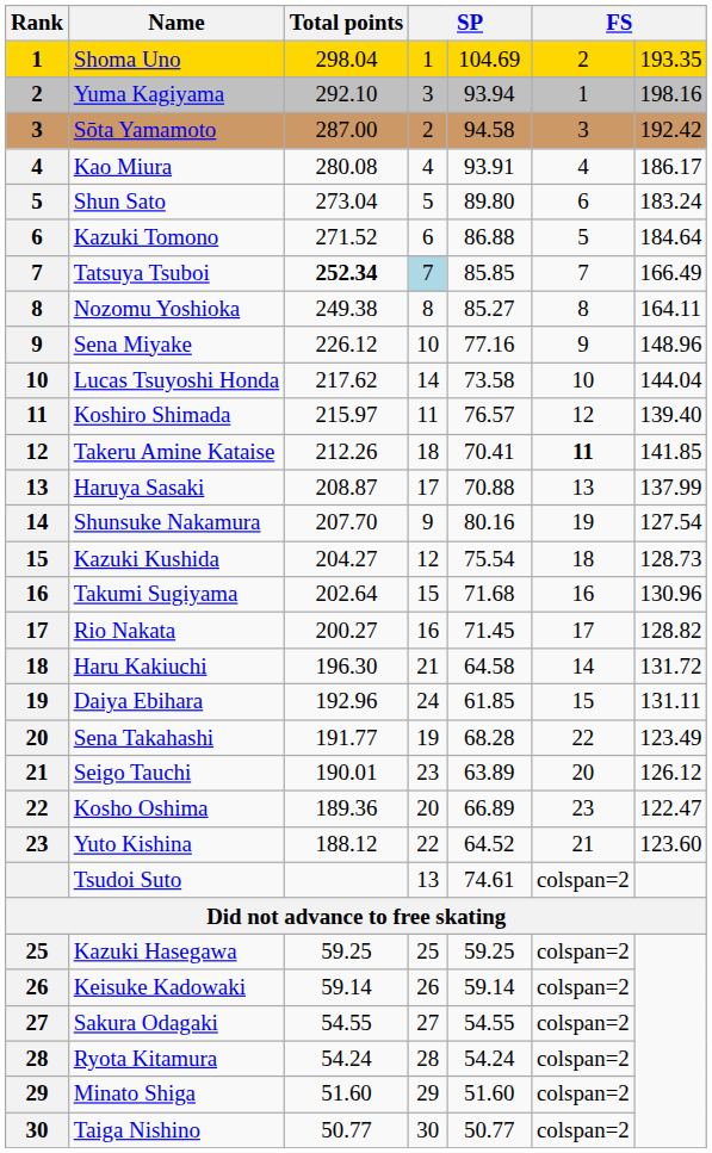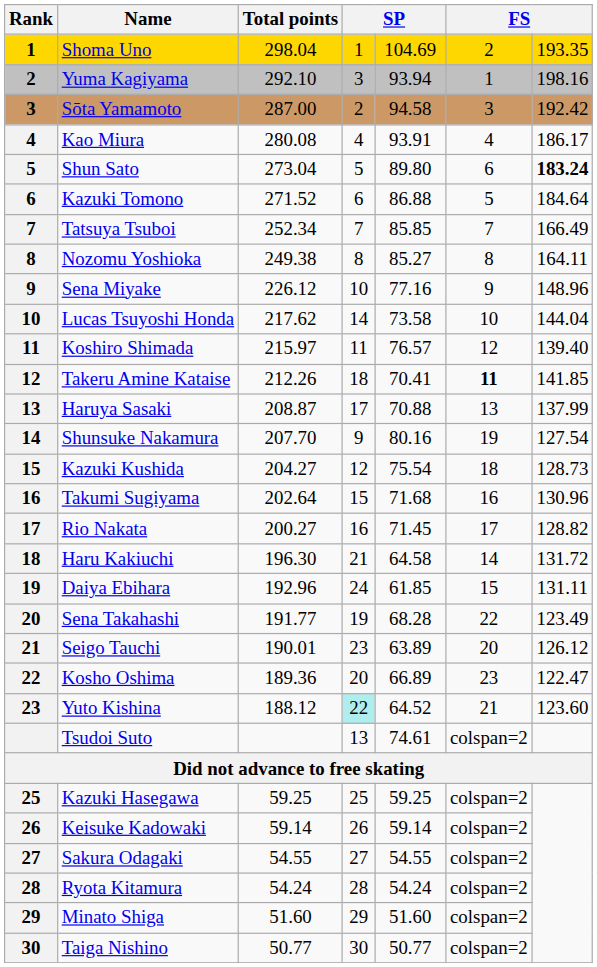 <table class="wikitable sortable">
 <tr>
 <th>Rank</th>
 <th>Name</th>
 <th>Total points</th>
 <th colspan="2" width="80px"><a href='#'>SP</a></th>
 <th colspan="2" width="80px"><a href='#'>FS</a></th>
 </tr>
 <tr bgcolor="gold">
 <td align="center"><strong>1</strong></td>
 <td><a href='#'>Shoma Uno</a></td>
 <td align="center">298.04</td>
 <td align="center">1</td>
 <td align="center">104.69</td>
 <td align="center">2</td>
 <td align="center">193.35</td>
 </tr>
 <tr bgcolor="silver">
 <td align="center"><strong>2</strong></td>
 <td><a href='#'>Yuma Kagiyama</a></td>
 <td align="center">292.10</td>
 <td align="center">3</td>
 <td align="center">93.94</td>
 <td align="center">1</td>
 <td align="center">198.16</td>
 </tr>
 <tr bgcolor="cc9966">
 <td align="center"><strong>3</strong></td>
 <td><a href='#'>Sōta Yamamoto</a></td>
 <td align="center">287.00</td>
 <td align="center">2</td>
 <td align="center">94.58</td>
 <td align="center">3</td>
 <td align="center">192.42</td>
 </tr>
 <tr>
 <th>4</th>
 <td><a href='#'>Kao Miura</a></td>
 <td align="center">280.08</td>
 <td align="center">4</td>
 <td align="center">93.91</td>
 <td align="center">4</td>
 <td align="center">186.17</td>
 </tr>
 <tr>
 <th>5</th>
 <td><a href='#'>Shun Sato</a></td>
 <td align="center">273.04</td>
 <td align="center">5</td>
 <td align="center">89.80</td>
 <td align="center">6</td>
-<td align="center">183.24</td>
+<td align="center"><strong>183.24</strong></td>
 </tr>
 <tr>
 <th>6</th>
 <td><a href='#'>Kazuki Tomono</a></td>
 <td align="center">271.52</td>
 <td align="center">6</td>
 <td align="center">86.88</td>
 <td align="center">5</td>
 <td align="center">184.64</td>
 </tr>
 <tr>
 <th>7</th>
 <td><a href='#'>Tatsuya Tsuboi</a></td>
-<td align="center"><strong>252.34</strong></td>
-<td align="center" style="background: lightblue;">7</td>
+<td align="center">252.34</td>
+<td align="center">7</td>
 <td align="center">85.85</td>
 <td align="center">7</td>
 <td align="center">166.49</td>
 </tr>
 <tr>
 <th>8</th>
 <td><a href='#'>Nozomu Yoshioka</a></td>
 <td align="center">249.38</td>
 <td align="center">8</td>
 <td align="center">85.27</td>
 <td align="center">8</td>
 <td align="center">164.11</td>
 </tr>
 <tr>
 <th>9</th>
 <td><a href='#'>Sena Miyake</a></td>
 <td align="center">226.12</td>
 <td align="center">10</td>
 <td align="center">77.16</td>
 <td align="center">9</td>
 <td align="center">148.96</td>
 </tr>
 <tr>
 <th>10</th>
 <td><a href='#'>Lucas Tsuyoshi Honda</a></td>
 <td align="center">217.62</td>
 <td align="center">14</td>
 <td align="center">73.58</td>
 <td align="center">10</td>
 <td align="center">144.04</td>
 </tr>
 <tr>
 <th>11</th>
 <td><a href='#'>Koshiro Shimada</a></td>
 <td align="center">215.97</td>
 <td align="center">11</td>
 <td align="center">76.57</td>
 <td align="center">12</td>
 <td align="center">139.40</td>
 </tr>
 <tr>
 <th>12</th>
 <td><a href='#'>Takeru Amine Kataise</a></td>
 <td align="center">212.26</td>
 <td align="center">18</td>
 <td align="center">70.41</td>
 <td align="center"><strong>11</strong></td>
 <td align="center">141.85</td>
 </tr>
 <tr>
 <th>13</th>
 <td><a href='#'>Haruya Sasaki</a></td>
 <td align="center">208.87</td>
 <td align="center">17</td>
 <td align="center">70.88</td>
 <td align="center">13</td>
 <td align="center">137.99</td>
 </tr>
 <tr>
 <th>14</th>
 <td><a href='#'>Shunsuke Nakamura</a></td>
 <td align="center">207.70</td>
 <td align="center">9</td>
 <td align="center">80.16</td>
 <td align="center">19</td>
 <td align="center">127.54</td>
 </tr>
 <tr>
 <th>15</th>
 <td><a href='#'>Kazuki Kushida</a></td>
 <td align="center">204.27</td>
 <td align="center">12</td>
 <td align="center">75.54</td>
 <td align="center">18</td>
 <td align="center">128.73</td>
 </tr>
 <tr>
 <th>16</th>
 <td><a href='#'>Takumi Sugiyama</a></td>
 <td align="center">202.64</td>
 <td align="center">15</td>
 <td align="center">71.68</td>
 <td align="center">16</td>
 <td align="center">130.96</td>
 </tr>
 <tr>
 <th>17</th>
 <td><a href='#'>Rio Nakata</a></td>
 <td align="center">200.27</td>
 <td align="center">16</td>
 <td align="center">71.45</td>
 <td align="center">17</td>
 <td align="center">128.82</td>
 </tr>
 <tr>
 <th>18</th>
 <td><a href='#'>Haru Kakiuchi</a></td>
 <td align="center">196.30</td>
 <td align="center">21</td>
 <td align="center">64.58</td>
 <td align="center">14</td>
 <td align="center">131.72</td>
 </tr>
 <tr>
 <th>19</th>
 <td><a href='#'>Daiya Ebihara</a></td>
 <td align="center">192.96</td>
 <td align="center">24</td>
 <td align="center">61.85</td>
 <td align="center">15</td>
 <td align="center">131.11</td>
 </tr>
 <tr>
 <th>20</th>
 <td><a href='#'>Sena Takahashi</a></td>
 <td align="center">191.77</td>
 <td align="center">19</td>
 <td align="center">68.28</td>
 <td align="center">22</td>
 <td align="center">123.49</td>
 </tr>
 <tr>
 <th>21</th>
 <td><a href='#'>Seigo Tauchi</a></td>
 <td align="center">190.01</td>
 <td align="center">23</td>
 <td align="center">63.89</td>
 <td align="center">20</td>
 <td align="center">126.12</td>
 </tr>
 <tr>
 <th>22</th>
 <td><a href='#'>Kosho Oshima</a></td>
 <td align="center">189.36</td>
 <td align="center">20</td>
 <td align="center">66.89</td>
 <td align="center">23</td>
 <td align="center">122.47</td>
 </tr>
 <tr>
 <th>23</th>
 <td><a href='#'>Yuto Kishina</a></td>
 <td align="center">188.12</td>
-<td align="center">22</td>
+<td align="center" style="background: paleturquoise;">22</td>
 <td align="center">64.52</td>
 <td align="center">21</td>
 <td align="center">123.60</td>
 </tr>
 <tr>
 <th></th>
 <td><a href='#'>Tsudoi Suto</a></td>
 <td></td>
 <td align="center">13</td>
 <td align="center">74.61</td>
 <td>colspan=2 </td>
 </tr>
 <tr>
 <th colspan=8>Did not advance to free skating</th>
 </tr>
 <tr>
 <th>25</th>
 <td><a href='#'>Kazuki Hasegawa</a></td>
 <td align="center">59.25</td>
 <td align="center">25</td>
 <td align="center">59.25</td>
 <td>colspan=2 </td>
 </tr>
 <tr>
 <th>26</th>
 <td><a href='#'>Keisuke Kadowaki</a></td>
 <td align="center">59.14</td>
 <td align="center">26</td>
 <td align="center">59.14</td>
 <td>colspan=2 </td>
 </tr>
 <tr>
 <th>27</th>
 <td><a href='#'>Sakura Odagaki</a></td>
 <td align="center">54.55</td>
 <td align="center">27</td>
 <td align="center">54.55</td>
 <td>colspan=2 </td>
 </tr>
 <tr>
 <th>28</th>
 <td><a href='#'>Ryota Kitamura</a></td>
 <td align="center">54.24</td>
 <td align="center">28</td>
 <td align="center">54.24</td>
 <td>colspan=2 </td>
 </tr>
 <tr>
 <th>29</th>
 <td><a href='#'>Minato Shiga</a></td>
 <td align="center">51.60</td>
 <td align="center">29</td>
 <td align="center">51.60</td>
 <td>colspan=2 </td>
 </tr>
 <tr>
 <th>30</th>
 <td><a href='#'>Taiga Nishino</a></td>
 <td align="center">50.77</td>
 <td align="center">30</td>
 <td align="center">50.77</td>
 <td>colspan=2 </td>
 </tr>
 </table>
